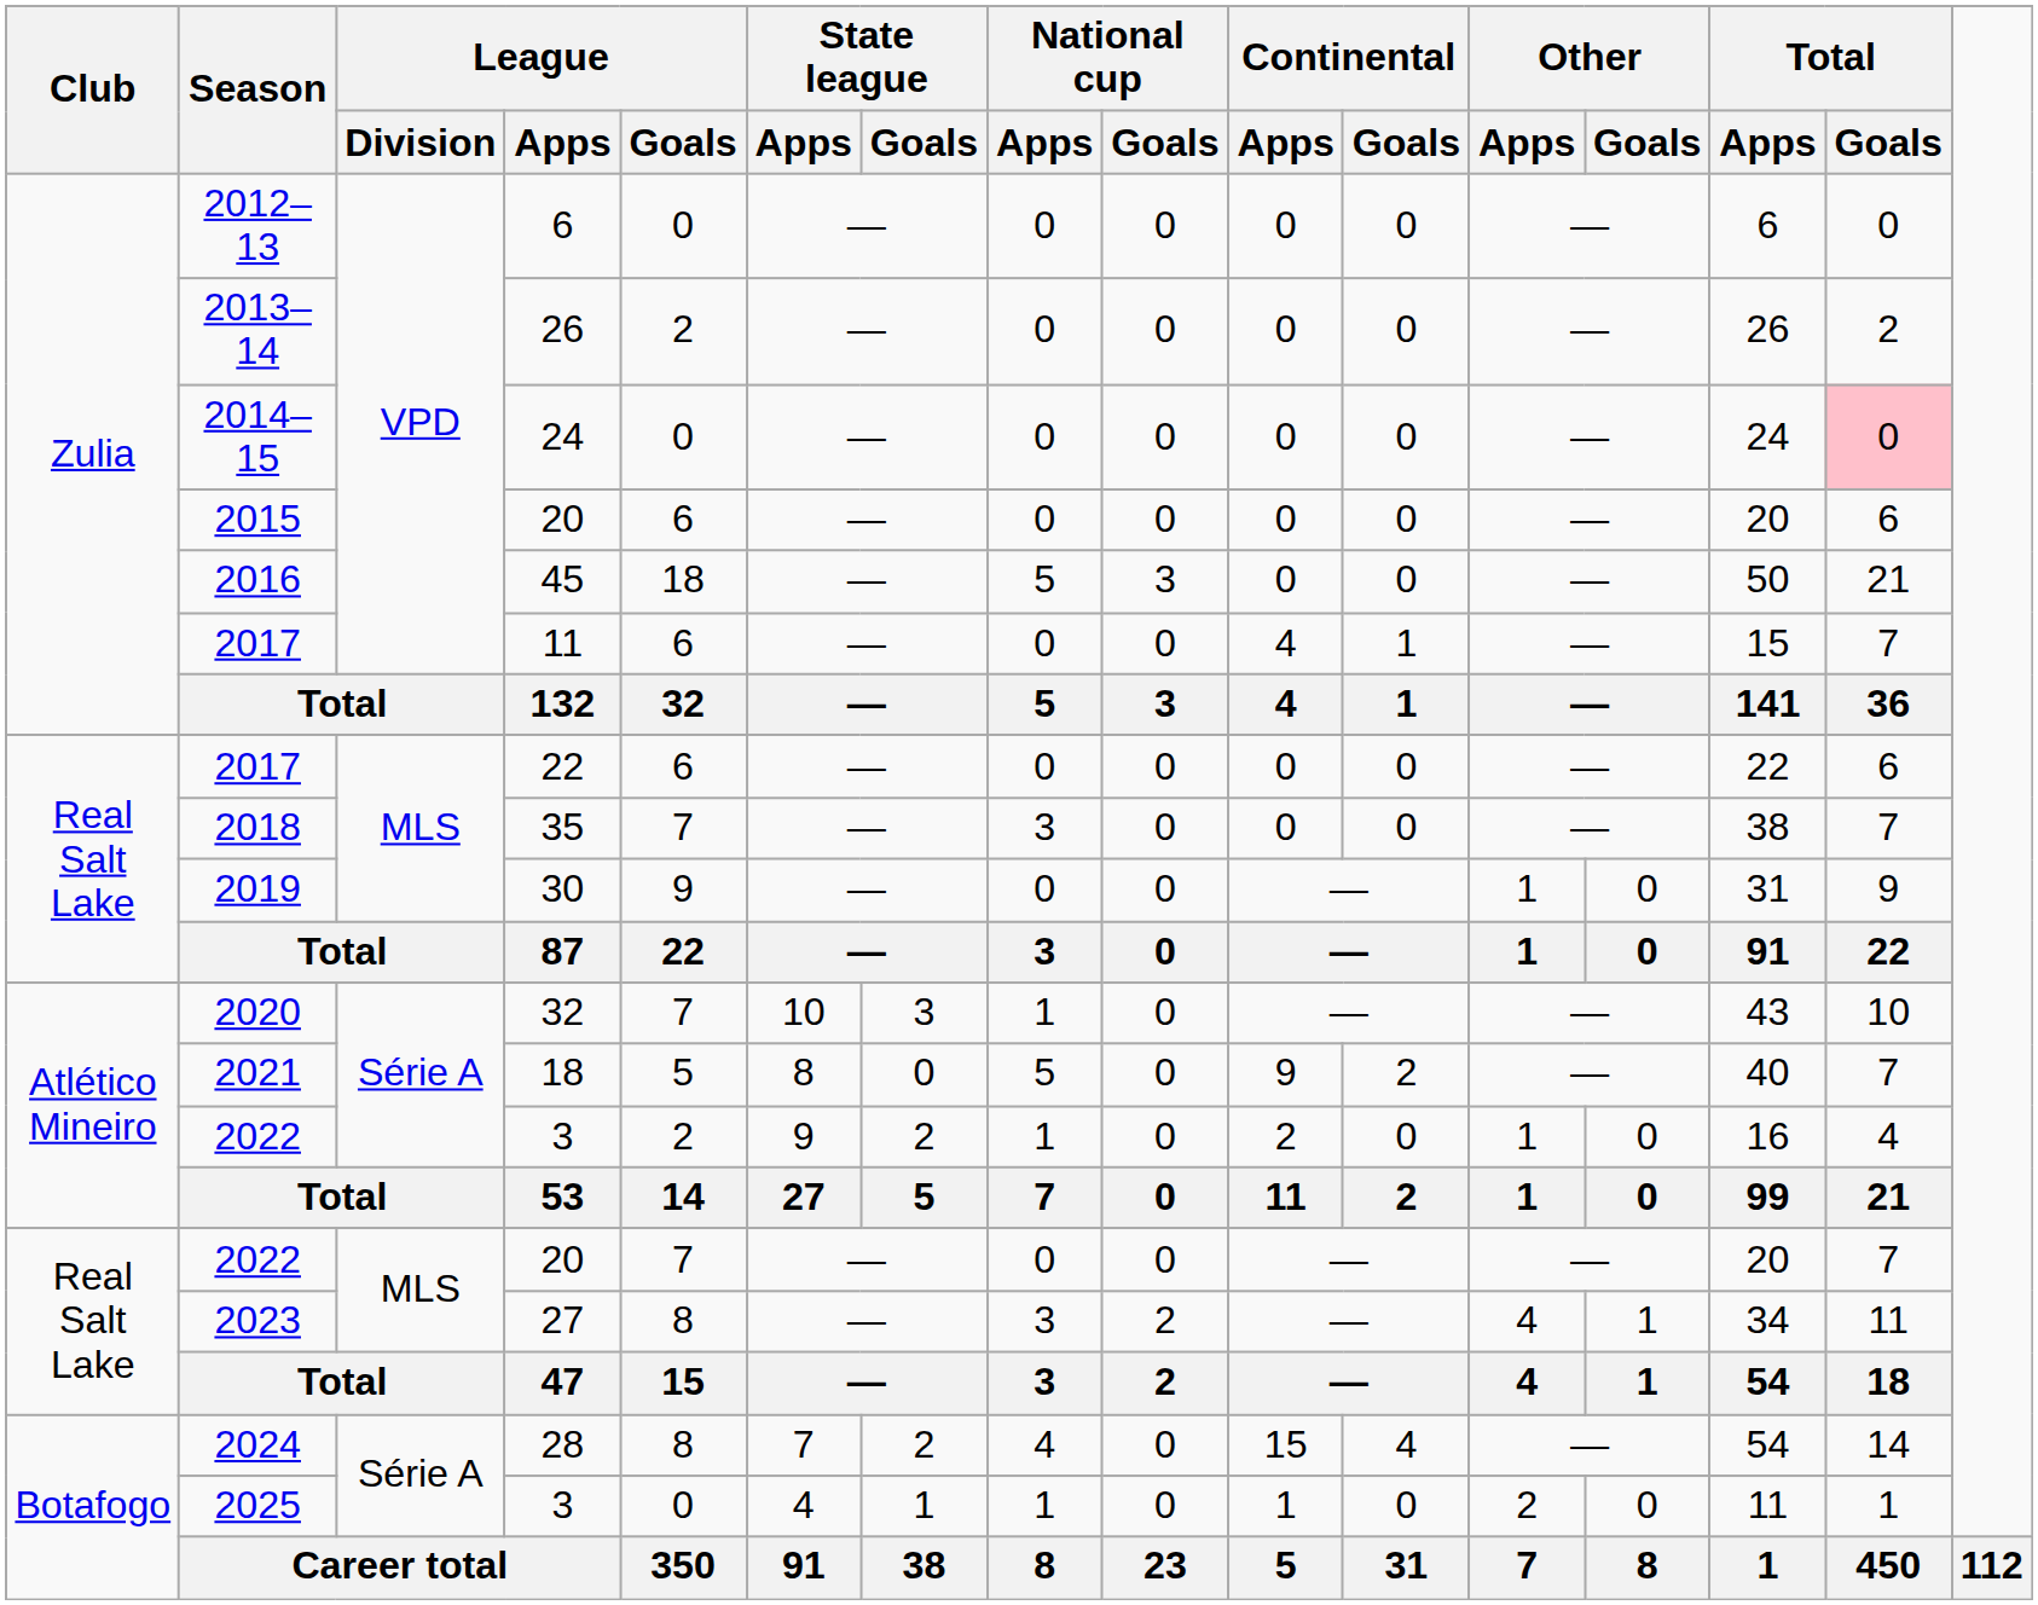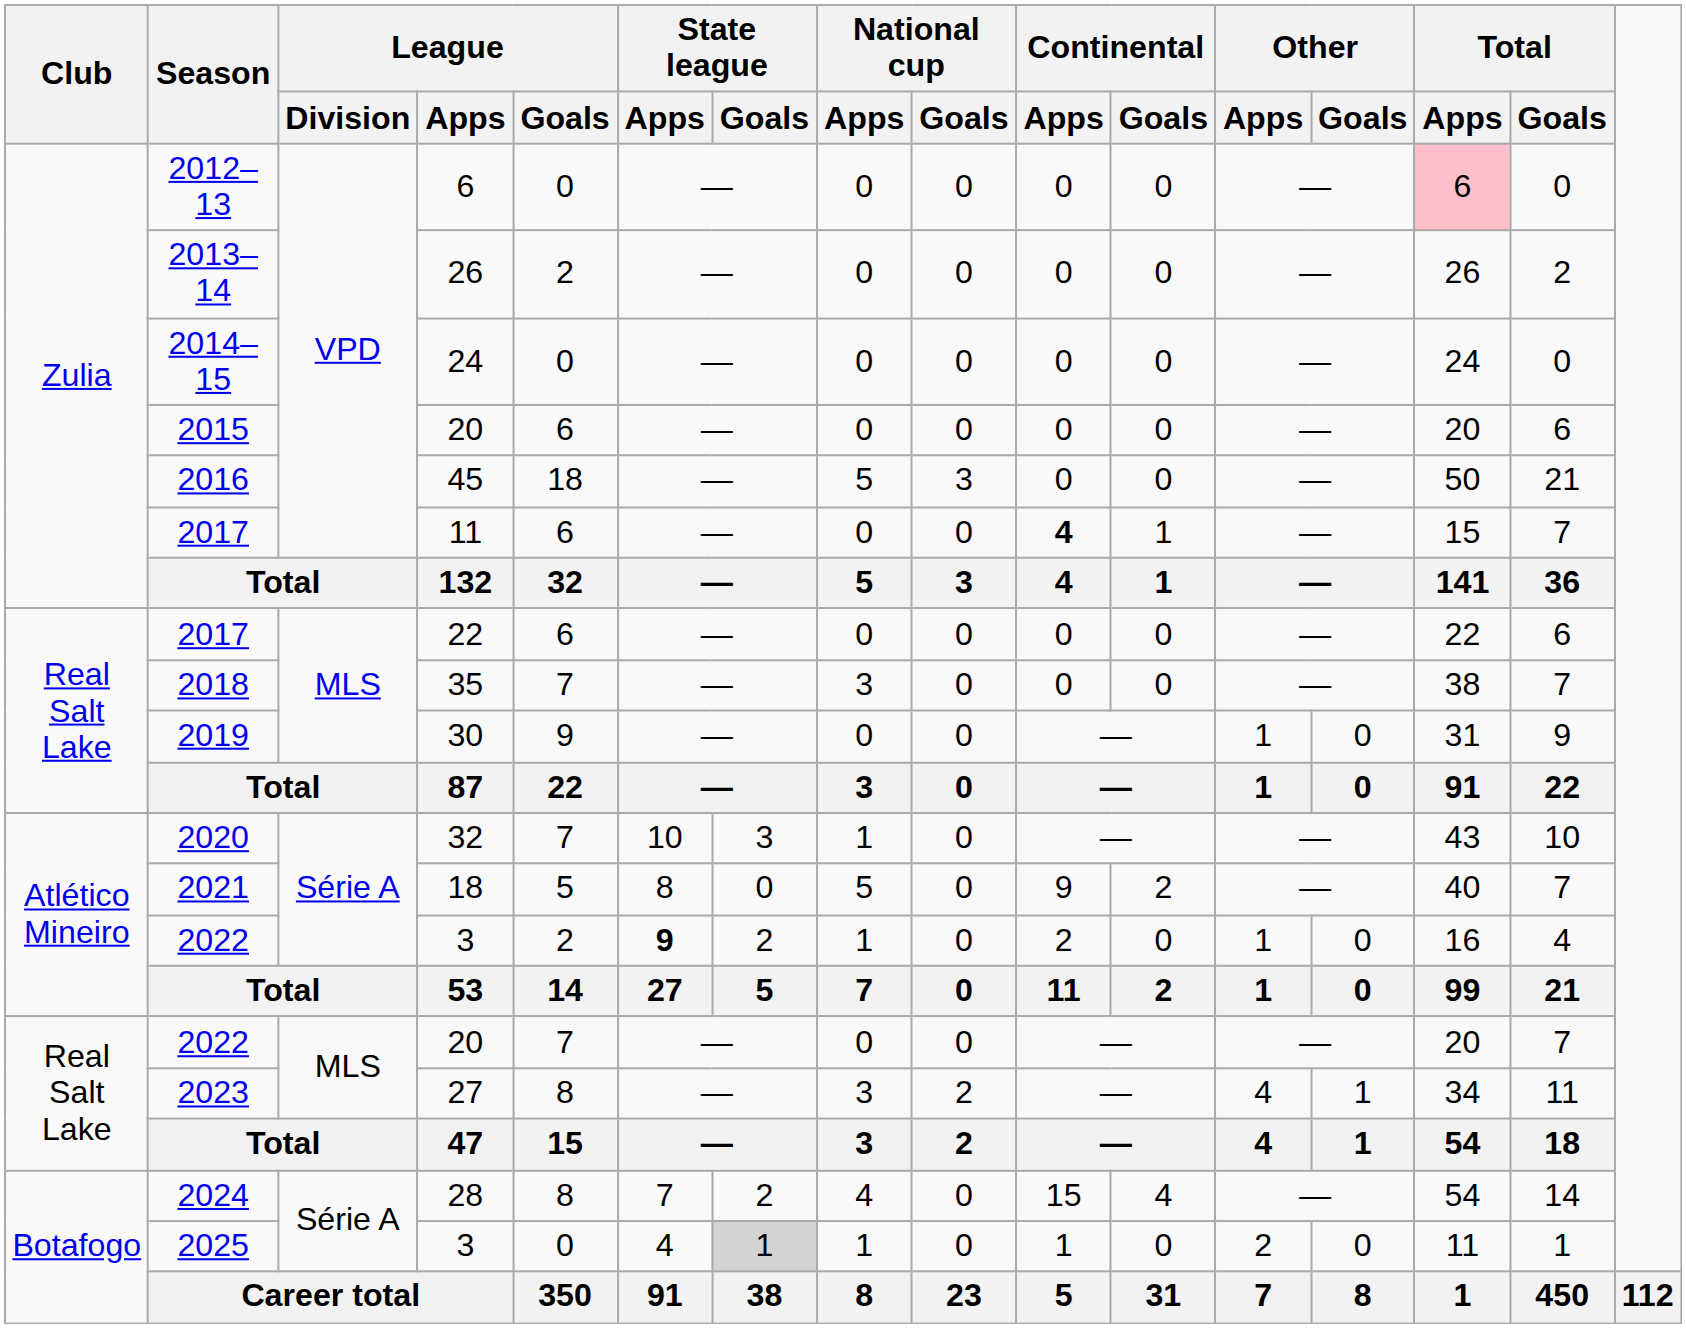 <table class="wikitable" style="text-align:center">
 <tr>
 <th rowspan="2">Club</th>
 <th rowspan="2">Season</th>
 <th colspan="3">League</th>
 <th colspan="2">State league</th>
 <th colspan="2">National cup</th>
 <th colspan="2">Continental</th>
 <th colspan="2">Other</th>
 <th colspan="2">Total</th>
 </tr>
 <tr>
 <th>Division</th>
 <th>Apps</th>
 <th>Goals</th>
 <th>Apps</th>
 <th>Goals</th>
 <th>Apps</th>
 <th>Goals</th>
 <th>Apps</th>
 <th>Goals</th>
 <th>Apps</th>
 <th>Goals</th>
 <th>Apps</th>
 <th>Goals</th>
 </tr>
 <tr>
 <td rowspan="7"><a href='#'>Zulia</a></td>
 <td><a href='#'>2012–13</a></td>
 <td rowspan="6"><a href='#'>VPD</a></td>
 <td>6</td>
 <td>0</td>
 <td colspan="2">—</td>
 <td>0</td>
 <td>0</td>
 <td>0</td>
 <td>0</td>
 <td colspan="2">—</td>
-<td>6</td>
+<td style="background: pink;">6</td>
 <td>0</td>
 </tr>
 <tr>
 <td><a href='#'>2013–14</a></td>
 <td>26</td>
 <td>2</td>
 <td colspan="2">—</td>
 <td>0</td>
 <td>0</td>
 <td>0</td>
 <td>0</td>
 <td colspan="2">—</td>
 <td>26</td>
 <td>2</td>
 </tr>
 <tr>
 <td><a href='#'>2014–15</a></td>
 <td>24</td>
 <td>0</td>
 <td colspan="2">—</td>
 <td>0</td>
 <td>0</td>
 <td>0</td>
 <td>0</td>
 <td colspan="2">—</td>
 <td>24</td>
-<td style="background: pink;">0</td>
+<td>0</td>
 </tr>
 <tr>
 <td><a href='#'>2015</a></td>
 <td>20</td>
 <td>6</td>
 <td colspan="2">—</td>
 <td>0</td>
 <td>0</td>
 <td>0</td>
 <td>0</td>
 <td colspan="2">—</td>
 <td>20</td>
 <td>6</td>
 </tr>
 <tr>
 <td><a href='#'>2016</a></td>
 <td>45</td>
 <td>18</td>
 <td colspan="2">—</td>
 <td>5</td>
 <td>3</td>
 <td>0</td>
 <td>0</td>
 <td colspan="2">—</td>
 <td>50</td>
 <td>21</td>
 </tr>
 <tr>
 <td><a href='#'>2017</a></td>
 <td>11</td>
 <td>6</td>
 <td colspan="2">—</td>
 <td>0</td>
 <td>0</td>
-<td>4</td>
+<td><strong>4</strong></td>
 <td>1</td>
 <td colspan="2">—</td>
 <td>15</td>
 <td>7</td>
 </tr>
 <tr>
 <th colspan="2">Total</th>
 <th>132</th>
 <th>32</th>
 <th colspan="2">—</th>
 <th>5</th>
 <th>3</th>
 <th>4</th>
 <th>1</th>
 <th colspan="2">—</th>
 <th>141</th>
 <th>36</th>
 </tr>
 <tr>
 <td rowspan="4"><a href='#'>Real Salt Lake</a></td>
 <td><a href='#'>2017</a></td>
 <td rowspan="3"><a href='#'>MLS</a></td>
 <td>22</td>
 <td>6</td>
 <td colspan="2">—</td>
 <td>0</td>
 <td>0</td>
 <td>0</td>
 <td>0</td>
 <td colspan="2">—</td>
 <td>22</td>
 <td>6</td>
 </tr>
 <tr>
 <td><a href='#'>2018</a></td>
 <td>35</td>
 <td>7</td>
 <td colspan="2">—</td>
 <td>3</td>
 <td>0</td>
 <td>0</td>
 <td>0</td>
 <td colspan="2">—</td>
 <td>38</td>
 <td>7</td>
 </tr>
 <tr>
 <td><a href='#'>2019</a></td>
 <td>30</td>
 <td>9</td>
 <td colspan="2">—</td>
 <td>0</td>
 <td>0</td>
 <td colspan="2">—</td>
 <td>1</td>
 <td>0</td>
 <td>31</td>
 <td>9</td>
 </tr>
 <tr>
 <th colspan="2">Total</th>
 <th>87</th>
 <th>22</th>
 <th colspan="2">—</th>
 <th>3</th>
 <th>0</th>
 <th colspan="2">—</th>
 <th>1</th>
 <th>0</th>
 <th>91</th>
 <th>22</th>
 </tr>
 <tr>
 <td rowspan="4"><a href='#'>Atlético Mineiro</a></td>
 <td><a href='#'>2020</a></td>
 <td rowspan="3"><a href='#'>Série A</a></td>
 <td>32</td>
 <td>7</td>
 <td>10</td>
 <td>3</td>
 <td>1</td>
 <td>0</td>
 <td colspan="2">—</td>
 <td colspan="2">—</td>
 <td>43</td>
 <td>10</td>
 </tr>
 <tr>
 <td><a href='#'>2021</a></td>
 <td>18</td>
 <td>5</td>
 <td>8</td>
 <td>0</td>
 <td>5</td>
 <td>0</td>
 <td>9</td>
 <td>2</td>
 <td colspan="2">—</td>
 <td>40</td>
 <td>7</td>
 </tr>
 <tr>
 <td><a href='#'>2022</a></td>
 <td>3</td>
 <td>2</td>
-<td>9</td>
+<td><strong>9</strong></td>
 <td>2</td>
 <td>1</td>
 <td>0</td>
 <td>2</td>
 <td>0</td>
 <td>1</td>
 <td>0</td>
 <td>16</td>
 <td>4</td>
 </tr>
 <tr>
 <th colspan="2">Total</th>
 <th>53</th>
 <th>14</th>
 <th>27</th>
 <th>5</th>
 <th>7</th>
 <th>0</th>
 <th>11</th>
 <th>2</th>
 <th>1</th>
 <th>0</th>
 <th>99</th>
 <th>21</th>
 </tr>
 <tr>
 <td rowspan="3">Real Salt Lake</td>
 <td><a href='#'>2022</a></td>
 <td rowspan="2">MLS</td>
 <td>20</td>
 <td>7</td>
 <td colspan="2">—</td>
 <td>0</td>
 <td>0</td>
 <td colspan="2">—</td>
 <td colspan="2">—</td>
 <td>20</td>
 <td>7</td>
 </tr>
 <tr>
 <td><a href='#'>2023</a></td>
 <td>27</td>
 <td>8</td>
 <td colspan="2">—</td>
 <td>3</td>
 <td>2</td>
 <td colspan="2">—</td>
 <td>4</td>
 <td>1</td>
 <td>34</td>
 <td>11</td>
 </tr>
 <tr>
 <th colspan="2">Total</th>
 <th>47</th>
 <th>15</th>
 <th colspan="2">—</th>
 <th>3</th>
 <th>2</th>
 <th colspan="2">—</th>
 <th>4</th>
 <th>1</th>
 <th>54</th>
 <th>18</th>
 </tr>
 <tr>
 <td rowspan="3"><a href='#'>Botafogo</a></td>
 <td><a href='#'>2024</a></td>
 <td rowspan="2">Série A</td>
 <td>28</td>
 <td>8</td>
 <td>7</td>
 <td>2</td>
 <td>4</td>
 <td>0</td>
 <td>15</td>
 <td>4</td>
 <td colspan="2">—</td>
 <td>54</td>
 <td>14</td>
 </tr>
 <tr>
 <td><a href='#'>2025</a></td>
 <td>3</td>
 <td>0</td>
 <td>4</td>
-<td>1</td>
+<td style="background: lightgrey;">1</td>
 <td>1</td>
 <td>0</td>
 <td>1</td>
 <td>0</td>
 <td>2</td>
 <td>0</td>
 <td>11</td>
 <td>1</td>
 </tr>
 <tr>
 <th colspan="3">Career total</th>
 <th>350</th>
 <th>91</th>
 <th>38</th>
 <th>8</th>
 <th>23</th>
 <th>5</th>
 <th>31</th>
 <th>7</th>
 <th>8</th>
 <th>1</th>
 <th>450</th>
 <th>112</th>
 </tr>
 </table>
